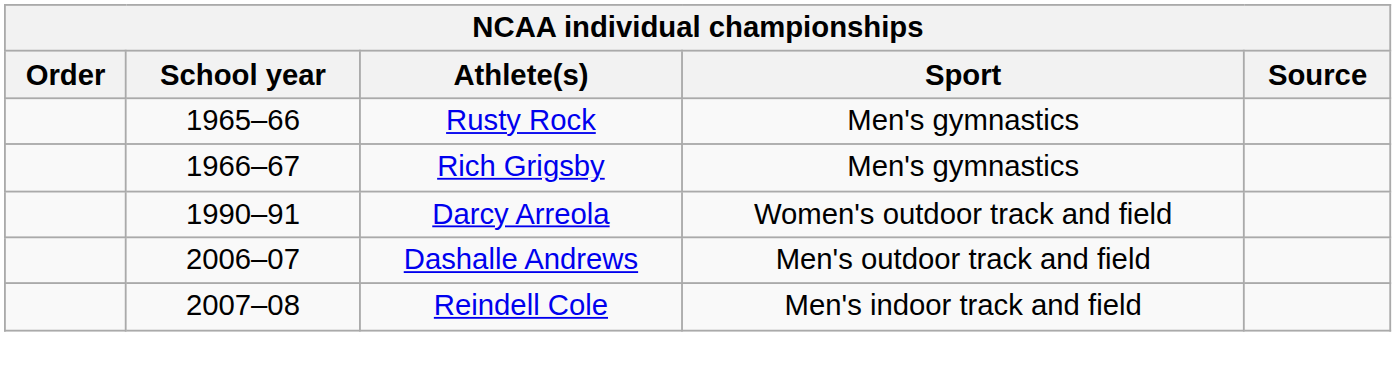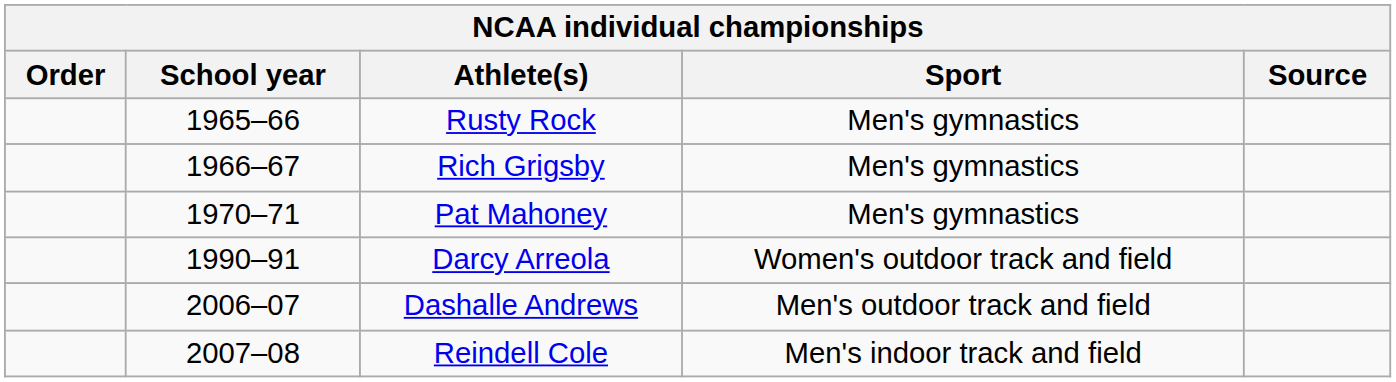 <table class="wikitable sortable" width="60%">
 <tr align="center">
 <th colspan=5>NCAA individual championships</th>
 </tr>
 <tr>
 <th>Order</th>
 <th>School year</th>
 <th>Athlete(s)</th>
 <th>Sport</th>
 <th>Source</th>
 </tr>
 <tr align="center" bgcolor="">
 <td></td>
 <td>1965–66</td>
 <td><a href='#'>Rusty Rock</a></td>
 <td>Men's gymnastics</td>
 <td></td>
 </tr>
 <tr align="center" bgcolor="">
 <td></td>
 <td>1966–67</td>
 <td><a href='#'>Rich Grigsby</a></td>
 <td>Men's gymnastics</td>
 <td></td>
 </tr>
 <tr align="center" bgcolor="">
 <td></td>
+<td>1970–71</td>
+<td><a href='#'>Pat Mahoney</a></td>
+<td>Men's gymnastics</td>
+<td></td>
+</tr>
+<tr align="center" bgcolor="">
+<td></td>
 <td>1990–91</td>
 <td><a href='#'>Darcy Arreola</a></td>
 <td>Women's outdoor track and field</td>
 <td></td>
 </tr>
 <tr align="center" bgcolor="">
 <td></td>
 <td>2006–07</td>
 <td><a href='#'>Dashalle Andrews</a></td>
 <td>Men's outdoor track and field</td>
 <td></td>
 </tr>
 <tr align="center" bgcolor="">
 <td></td>
 <td>2007–08</td>
 <td><a href='#'>Reindell Cole</a></td>
 <td>Men's indoor track and field</td>
 <td></td>
 </tr>
 </table>
